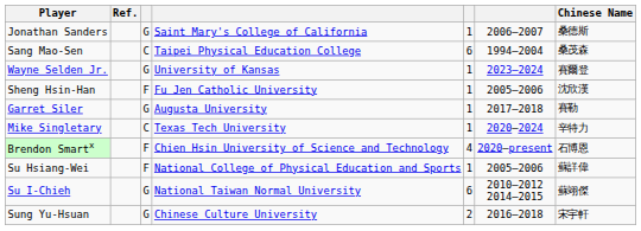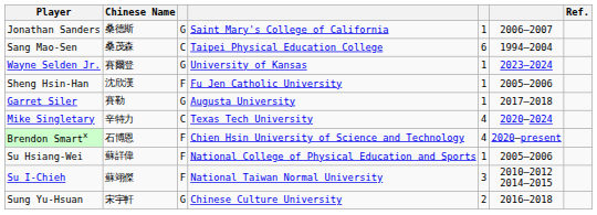 <table class="wikitable sortable" style="font-size:95%; text-align:left;">
 <tr>
 <th>Player</th>
-<th>Ref.</th>
+<th>Chinese Name</th>
 <th></th>
 <th></th>
 <th></th>
 <th></th>
-<th>Chinese Name</th>
+<th>Ref.</th>
 </tr>
 <tr>
 <td>Jonathan Sanders</td>
-<td></td>
+<td>桑德斯</td>
 <td align="center">G</td>
 <td><a href='#'>Saint Mary's College of California</a></td>
 <td align="center">1</td>
 <td align="center">2006–2007</td>
-<td>桑德斯</td>
+<td></td>
 </tr>
 <tr>
 <td>Sang Mao-Sen</td>
-<td></td>
+<td>桑茂森</td>
 <td align="center">C</td>
 <td><a href='#'>Taipei Physical Education College</a></td>
 <td align="center">6</td>
 <td align="center">1994–2004</td>
-<td>桑茂森</td>
+<td></td>
 </tr>
 <tr>
 <td><a href='#'>Wayne Selden Jr.</a></td>
-<td></td>
+<td>賽爾登</td>
 <td align="center">G</td>
 <td><a href='#'>University of Kansas</a></td>
 <td align="center">1</td>
 <td align="center"><a href='#'>2023–2024</a></td>
-<td>賽爾登</td>
+<td></td>
 </tr>
 <tr>
 <td>Sheng Hsin-Han</td>
-<td></td>
+<td>沈欣漢</td>
 <td align="center">F</td>
 <td><a href='#'>Fu Jen Catholic University</a></td>
 <td align="center">1</td>
 <td align="center">2005–2006</td>
-<td>沈欣漢</td>
+<td></td>
 </tr>
 <tr>
 <td><a href='#'>Garret Siler</a></td>
-<td></td>
+<td>賽勒</td>
 <td align="center">G</td>
 <td><a href='#'>Augusta University</a></td>
 <td align="center">1</td>
 <td align="center">2017–2018</td>
-<td>賽勒</td>
+<td></td>
 </tr>
 <tr>
 <td><a href='#'>Mike Singletary</a></td>
-<td></td>
+<td>辛特力</td>
 <td align="center">C</td>
 <td><a href='#'>Texas Tech University</a></td>
-<td align="center">1</td>
+<td align="center">4</td>
 <td align="center"><a href='#'>2020</a>–<a href='#'>2024</a></td>
-<td>辛特力</td>
+<td></td>
 </tr>
 <tr>
 <td bgcolor="#CCFFCC">Brendon Smart<sup>x</sup></td>
-<td></td>
+<td>石博恩</td>
 <td align="center">F</td>
 <td><a href='#'>Chien Hsin University of Science and Technology</a></td>
 <td align="center">4</td>
 <td align="center"><a href='#'>2020</a>–<a href='#'>present</a></td>
-<td>石博恩</td>
+<td></td>
 </tr>
 <tr>
 <td>Su Hsiang-Wei</td>
-<td></td>
+<td>蘇詳偉</td>
 <td align="center">F</td>
 <td><a href='#'>National College of Physical Education and Sports</a></td>
 <td align="center">1</td>
 <td align="center">2005–2006</td>
-<td>蘇詳偉</td>
+<td></td>
 </tr>
 <tr>
 <td><a href='#'>Su I-Chieh</a></td>
+<td>蘇翊傑</td>
+<td align="center">F</td>
+<td><a href='#'>National Taiwan Normal University</a></td>
+<td align="center">3</td>
+<td align="center">2010–2012<br>2014–2015</td>
 <td></td>
-<td align="center">G</td>
-<td><a href='#'>National Taiwan Normal University</a></td>
-<td align="center">6</td>
-<td align="center">2010–2012<br>2014–2015</td>
-<td>蘇翊傑</td>
 </tr>
 <tr>
 <td>Sung Yu-Hsuan</td>
-<td></td>
+<td>宋宇軒</td>
 <td align="center">G</td>
 <td><a href='#'>Chinese Culture University</a></td>
 <td align="center">2</td>
 <td align="center">2016–2018</td>
-<td>宋宇軒</td>
+<td></td>
 </tr>
 </table>
